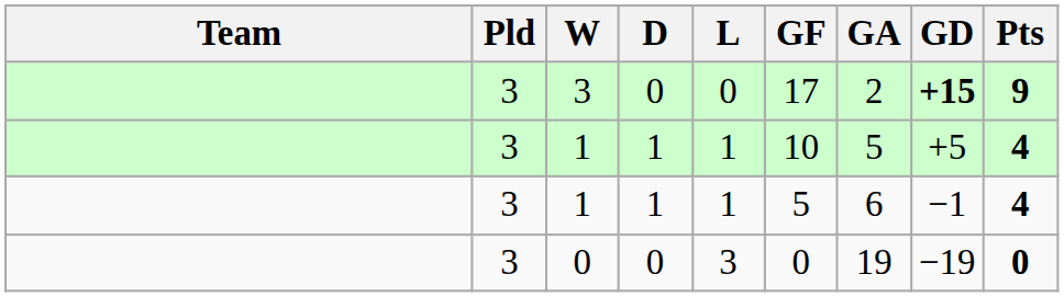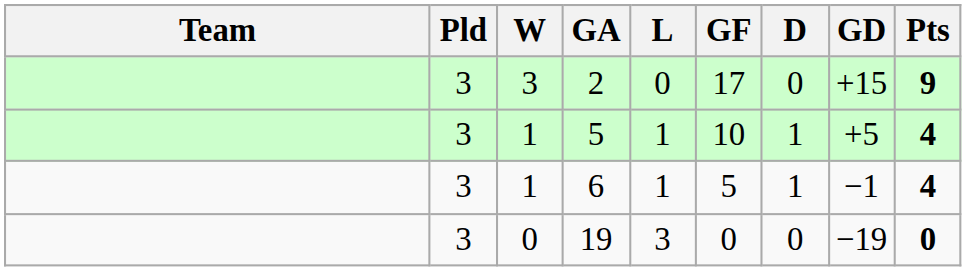 <table class="wikitable" style="text-align:center">
 <tr>
 <th width=200>Team</th>
 <th width=25>Pld</th>
 <th width=25>W</th>
-<th width=25>D</th>
+<th width=25>GA</th>
 <th width=25>L</th>
 <th width=25>GF</th>
-<th width=25>GA</th>
+<th width=25>D</th>
 <th width=25>GD</th>
 <th width=25>Pts</th>
 </tr>
 <tr bgcolor=ccffcc>
 <td align=left></td>
 <td>3</td>
 <td>3</td>
-<td>0</td>
+<td>2</td>
 <td>0</td>
 <td>17</td>
-<td>2</td>
-<td><strong>+15</strong></td>
+<td>0</td>
+<td>+15</td>
 <td><strong>9</strong></td>
 </tr>
 <tr bgcolor=ccffcc>
 <td align=left></td>
 <td>3</td>
 <td>1</td>
-<td>1</td>
+<td>5</td>
 <td>1</td>
 <td>10</td>
-<td>5</td>
+<td>1</td>
 <td>+5</td>
 <td><strong>4</strong></td>
 </tr>
 <tr>
 <td align=left></td>
 <td>3</td>
 <td>1</td>
-<td>1</td>
+<td>6</td>
 <td>1</td>
 <td>5</td>
-<td>6</td>
+<td>1</td>
 <td>−1</td>
 <td><strong>4</strong></td>
 </tr>
 <tr>
 <td align=left></td>
 <td>3</td>
 <td>0</td>
-<td>0</td>
+<td>19</td>
 <td>3</td>
 <td>0</td>
-<td>19</td>
+<td>0</td>
 <td>−19</td>
 <td><strong>0</strong></td>
 </tr>
 </table>
